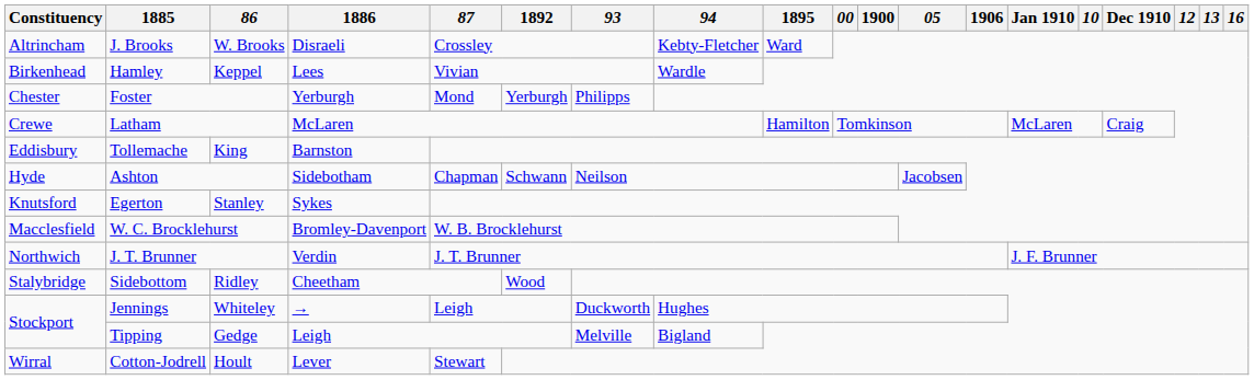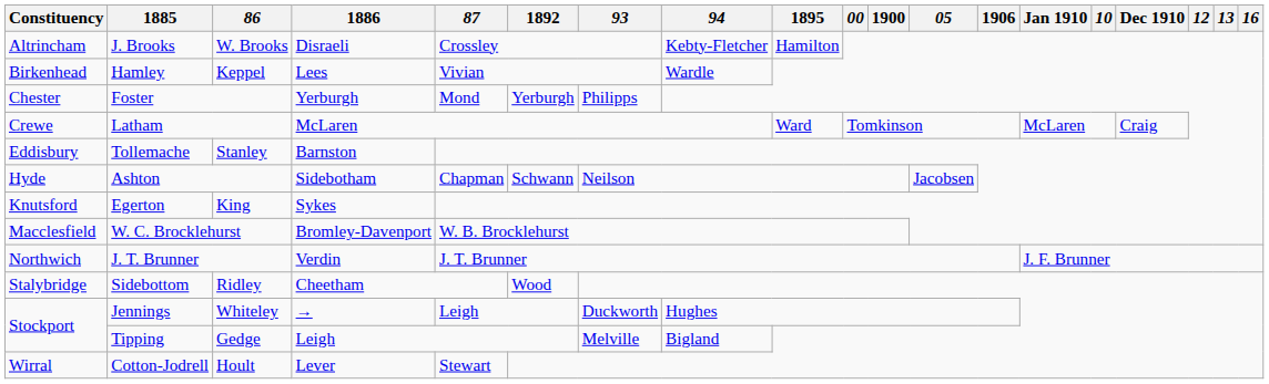 <table class="wikitable">
 <tr>
 <th>Constituency</th>
 <th>1885</th>
 <th><em>86</em></th>
 <th>1886</th>
 <th><em>87</em></th>
 <th>1892</th>
 <th><em>93</em></th>
 <th><em>94</em></th>
 <th>1895</th>
 <th><em>00</em></th>
 <th>1900</th>
 <th><em>05</em></th>
 <th>1906</th>
 <th>Jan 1910</th>
 <th><em>10</em></th>
 <th>Dec 1910</th>
 <th><em>12</em></th>
 <th><em>13</em></th>
 <th><em>16</em></th>
 </tr>
 <tr>
 <td><a href='#'>Altrincham</a></td>
 <td><a href='#'>J. Brooks</a></td>
 <td><a href='#'>W. Brooks</a></td>
 <td><a href='#'>Disraeli</a></td>
 <td colspan="3"><a href='#'>Crossley</a></td>
 <td><a href='#'>Kebty-Fletcher</a></td>
-<td><a href='#'>Ward</a></td>
+<td><a href='#'>Hamilton</a></td>
 </tr>
 <tr>
 <td><a href='#'>Birkenhead</a></td>
 <td><a href='#'>Hamley</a></td>
 <td><a href='#'>Keppel</a></td>
 <td><a href='#'>Lees</a></td>
 <td colspan="3"><a href='#'>Vivian</a></td>
 <td><a href='#'>Wardle</a></td>
 </tr>
 <tr>
 <td><a href='#'>Chester</a></td>
 <td colspan="2"><a href='#'>Foster</a></td>
 <td><a href='#'>Yerburgh</a></td>
 <td><a href='#'>Mond</a></td>
 <td><a href='#'>Yerburgh</a></td>
 <td><a href='#'>Philipps</a></td>
 </tr>
 <tr>
 <td><a href='#'>Crewe</a></td>
 <td colspan="2"><a href='#'>Latham</a></td>
 <td colspan="5"><a href='#'>McLaren</a></td>
-<td><a href='#'>Hamilton</a></td>
+<td><a href='#'>Ward</a></td>
 <td colspan="4"><a href='#'>Tomkinson</a></td>
 <td colspan="2"><a href='#'>McLaren</a></td>
 <td><a href='#'>Craig</a></td>
 </tr>
 <tr>
 <td><a href='#'>Eddisbury</a></td>
 <td><a href='#'>Tollemache</a></td>
-<td><a href='#'>King</a></td>
+<td><a href='#'>Stanley</a></td>
 <td><a href='#'>Barnston</a></td>
 </tr>
 <tr>
 <td><a href='#'>Hyde</a></td>
 <td colspan="2"><a href='#'>Ashton</a></td>
 <td><a href='#'>Sidebotham</a></td>
 <td><a href='#'>Chapman</a></td>
 <td><a href='#'>Schwann</a></td>
 <td colspan="5"><a href='#'>Neilson</a></td>
 <td><a href='#'>Jacobsen</a></td>
 </tr>
 <tr>
 <td><a href='#'>Knutsford</a></td>
 <td><a href='#'>Egerton</a></td>
-<td><a href='#'>Stanley</a></td>
+<td><a href='#'>King</a></td>
 <td><a href='#'>Sykes</a></td>
 </tr>
 <tr>
 <td><a href='#'>Macclesfield</a></td>
 <td colspan="2"><a href='#'>W. C. Brocklehurst</a></td>
 <td><a href='#'>Bromley-Davenport</a></td>
 <td colspan="7"><a href='#'>W. B. Brocklehurst</a></td>
 </tr>
 <tr>
 <td><a href='#'>Northwich</a></td>
 <td colspan="2"><a href='#'>J. T. Brunner</a></td>
 <td><a href='#'>Verdin</a></td>
 <td colspan="9"><a href='#'>J. T. Brunner</a></td>
 <td colspan="6"><a href='#'>J. F. Brunner</a></td>
 </tr>
 <tr>
 <td><a href='#'>Stalybridge</a></td>
 <td><a href='#'>Sidebottom</a></td>
 <td><a href='#'>Ridley</a></td>
 <td colspan="2"><a href='#'>Cheetham</a></td>
 <td><a href='#'>Wood</a></td>
 </tr>
 <tr>
 <td rowspan="2"><a href='#'>Stockport</a></td>
 <td><a href='#'>Jennings</a></td>
 <td><a href='#'>Whiteley</a></td>
 <td><a href='#'>→</a></td>
 <td colspan="2"><a href='#'>Leigh</a></td>
 <td><a href='#'>Duckworth</a></td>
 <td colspan="6"><a href='#'>Hughes</a></td>
 </tr>
 <tr>
 <td><a href='#'>Tipping</a></td>
 <td><a href='#'>Gedge</a></td>
 <td colspan="3"><a href='#'>Leigh</a></td>
 <td><a href='#'>Melville</a></td>
 <td><a href='#'>Bigland</a></td>
 </tr>
 <tr>
 <td><a href='#'>Wirral</a></td>
 <td><a href='#'>Cotton-Jodrell</a></td>
 <td><a href='#'>Hoult</a></td>
 <td><a href='#'>Lever</a></td>
 <td><a href='#'>Stewart</a></td>
 </tr>
 </table>
